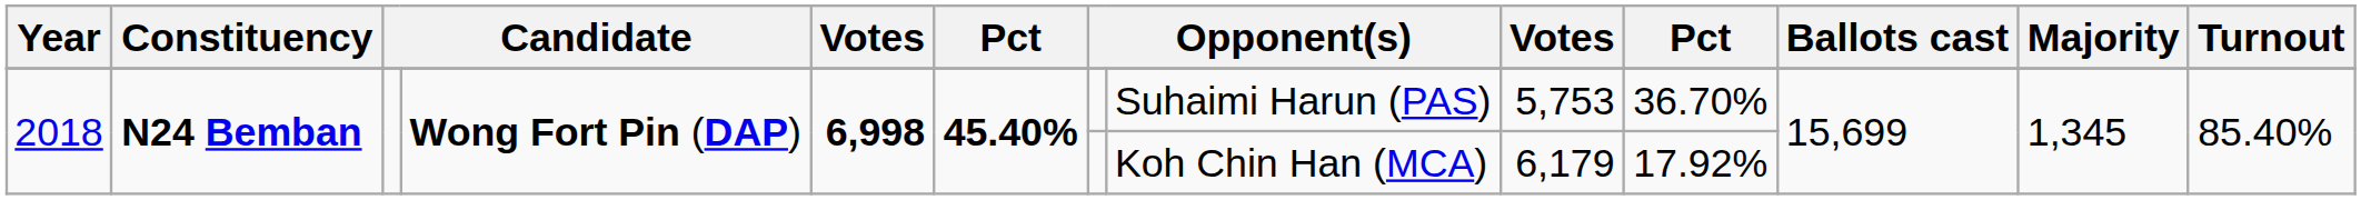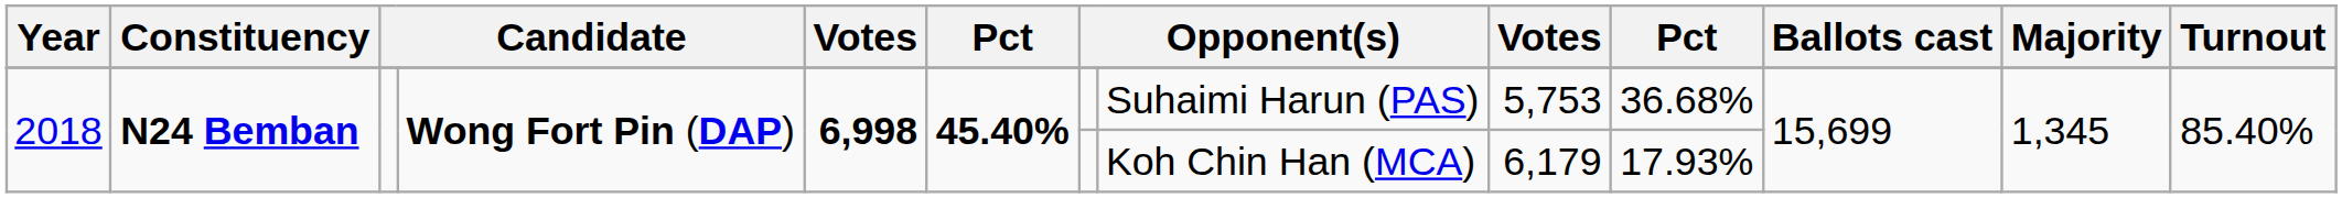 <table class="wikitable" style="margin:0.5em ; font-size:95%">
 <tr>
 <th>Year</th>
 <th>Constituency</th>
 <th colspan=2>Candidate</th>
 <th>Votes</th>
 <th>Pct</th>
 <th colspan=2>Opponent(s)</th>
 <th>Votes</th>
 <th>Pct</th>
 <th>Ballots cast</th>
 <th>Majority</th>
 <th>Turnout</th>
 </tr>
 <tr>
 </tr>
 <tr>
 <td rowspan=2><a href='#'>2018</a></td>
 <td rowspan=2><strong>N24 <a href='#'>Bemban</a></strong></td>
 <td rowspan=2 ></td>
 <td rowspan=2><strong>Wong Fort Pin</strong> (<a href='#'><strong>DAP</strong></a>)</td>
 <td rowspan=2 align="right"><strong>6,998</strong></td>
 <td rowspan=2><strong>45.40%</strong></td>
 <td></td>
 <td>Suhaimi Harun (<a href='#'>PAS</a>)</td>
 <td align="right">5,753</td>
-<td>36.70%</td>
+<td>36.68%</td>
 <td rowspan=2>15,699</td>
 <td rowspan=2>1,345</td>
 <td rowspan=2>85.40%</td>
 </tr>
 <tr>
 <td></td>
 <td>Koh Chin Han (<a href='#'>MCA</a>)</td>
 <td align="right">6,179</td>
-<td>17.92%</td>
+<td>17.93%</td>
 </tr>
 </table>
